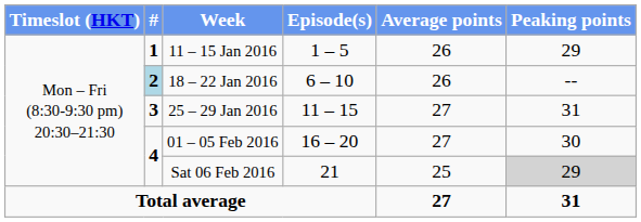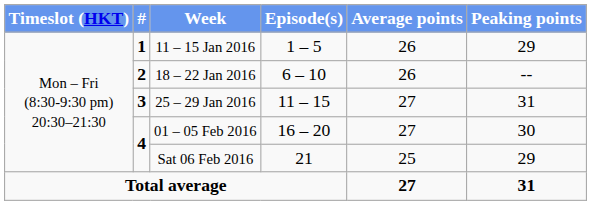 <table class="wikitable" style="text-align:center;">
 <tr>
 <th style="background:cornflowerblue; color:white;">Timeslot (<a href='#'>HKT</a>)</th>
 <th style="background:cornflowerblue; color:white;">#</th>
 <th style="background:cornflowerblue; color:white;">Week</th>
 <th style="background:cornflowerblue; color:white;">Episode(s)</th>
 <th style="background:cornflowerblue; color:white;">Average points</th>
 <th style="background:cornflowerblue; color:white;">Peaking points</th>
 </tr>
 <tr>
 <td rowspan="5"><small>Mon – Fri<br>(8:30-9:30 pm)<br>20:30–21:30</small></td>
 <td><strong>1</strong></td>
 <td><small>11 – 15 Jan 2016</small></td>
 <td>1 – 5</td>
 <td>26</td>
 <td>29</td>
 </tr>
 <tr>
-<td style="background: lightblue;"><strong>2</strong></td>
+<td><strong>2</strong></td>
 <td><small>18 – 22 Jan 2016</small></td>
 <td>6 – 10</td>
 <td>26</td>
 <td>--</td>
 </tr>
 <tr>
 <td><strong>3</strong></td>
 <td><small>25 – 29 Jan 2016</small></td>
 <td>11 – 15</td>
 <td>27</td>
 <td>31</td>
 </tr>
 <tr>
 <td rowspan="2"><strong>4</strong></td>
 <td><small>01 – 05 Feb 2016</small></td>
 <td>16 – 20</td>
 <td>27</td>
 <td>30</td>
 </tr>
 <tr>
 <td><small>Sat 06 Feb 2016</small></td>
 <td>21</td>
 <td>25</td>
-<td style="background: lightgrey;">29</td>
+<td>29</td>
 </tr>
 <tr>
 <td colspan="4"><strong>Total average</strong></td>
 <td><strong>27</strong></td>
 <td><strong>31</strong></td>
 </tr>
 </table>
